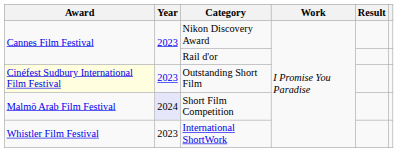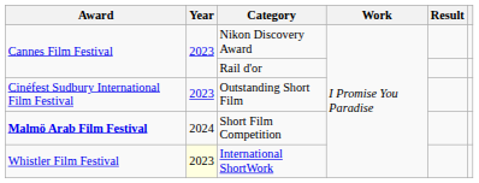 <table class="wikitable sortable">
 <tr style="background:#ccc; text-align:center;">
 <th>Award</th>
 <th>Year</th>
 <th>Category</th>
 <th>Work</th>
 <th>Result</th>
 <th class="unsortable"></th>
 </tr>
 <tr>
 <td rowspan=2><a href='#'>Cannes Film Festival</a></td>
 <td rowspan=2><a href='#'>2023</a></td>
 <td>Nikon Discovery Award</td>
 <td rowspan=5><em>I Promise You Paradise</em></td>
 <td></td>
 <td></td>
 </tr>
 <tr>
 <td>Rail d'or</td>
 <td></td>
 <td></td>
 </tr>
 <tr>
-<td style="background: lightyellow;"><a href='#'>Cinéfest Sudbury International Film Festival</a></td>
+<td><a href='#'>Cinéfest Sudbury International Film Festival</a></td>
 <td><a href='#'>2023</a></td>
 <td>Outstanding Short Film</td>
 <td></td>
 <td></td>
 </tr>
 <tr>
-<td><a href='#'>Malmö Arab Film Festival</a></td>
-<td style="background: lavender;">2024</td>
+<td><strong><a href='#'>Malmö Arab Film Festival</a></strong></td>
+<td>2024</td>
 <td>Short Film Competition</td>
 <td></td>
 <td></td>
 </tr>
 <tr>
 <td><a href='#'>Whistler Film Festival</a></td>
-<td>2023</td>
+<td style="background: lightyellow;">2023</td>
 <td><a href='#'>International ShortWork</a></td>
 <td></td>
 <td></td>
 </tr>
 </table>
